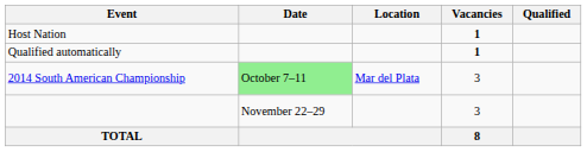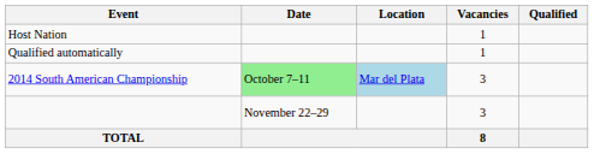 <table class="wikitable" width=770>
 <tr>
 <th>Event</th>
 <th>Date</th>
 <th>Location</th>
 <th>Vacancies</th>
 <th>Qualified</th>
 </tr>
 <tr>
 <td>Host Nation</td>
 <td></td>
 <td></td>
-<td align=center><strong>1</strong></td>
+<td align=center>1</td>
 <td></td>
 </tr>
 <tr>
 <td>Qualified automatically</td>
 <td></td>
 <td></td>
-<td align=center><strong>1</strong></td>
+<td align=center>1</td>
 <td></td>
 </tr>
 <tr>
 <td><a href='#'>2014 South American Championship</a></td>
 <td style="background: lightgreen;">October 7–11</td>
-<td> <a href='#'>Mar del Plata</a></td>
+<td style="background: lightblue;"> <a href='#'>Mar del Plata</a></td>
 <td align=center>3</td>
 <td><br><br></td>
 </tr>
 <tr>
 <td></td>
 <td>November 22–29</td>
 <td></td>
 <td align=center>3</td>
 <td><br><br></td>
 </tr>
 <tr>
 <th>TOTAL</th>
 <th colspan="2"></th>
 <th>8</th>
 <th></th>
 </tr>
 </table>
